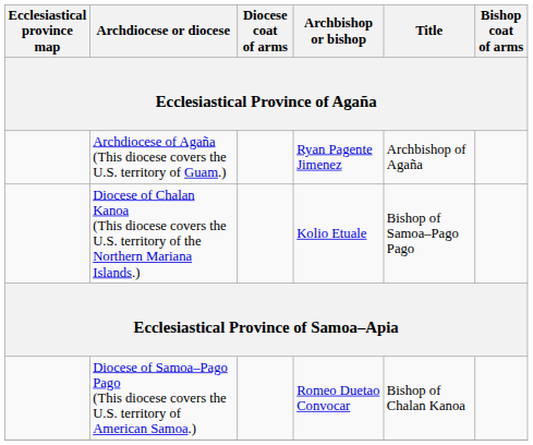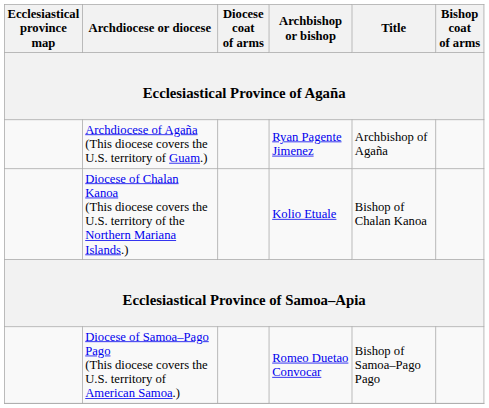 <table class="wikitable sortable">
 <tr>
 <th class="unsortable">Ecclesiastical<br> province map</th>
 <th>Archdiocese or diocese</th>
 <th class="unsortable">Diocese coat<br>of arms</th>
 <th>Archbishop or bishop</th>
 <th>Title</th>
 <th class="unsortable">Bishop coat<br>of arms</th>
 </tr>
 <tr>
 <th colspan="6"><br><h3>Ecclesiastical Province of Agaña</h3></th>
 </tr>
 <tr>
 <td></td>
 <td><a href='#'>Archdiocese of Agaña</a><br>(This diocese covers the U.S. territory of <a href='#'>Guam</a>.)</td>
 <td></td>
 <td><a href='#'>Ryan Pagente Jimenez</a></td>
 <td>Archbishop of Agaña</td>
 <td></td>
 </tr>
 <tr>
 <td></td>
 <td><a href='#'>Diocese of Chalan Kanoa</a><br>(This diocese covers the U.S. territory of the <a href='#'>Northern Mariana Islands</a>.)</td>
 <td></td>
 <td><a href='#'>Kolio Etuale</a></td>
-<td>Bishop of Samoa–Pago Pago</td>
+<td>Bishop of Chalan Kanoa</td>
 <td></td>
 </tr>
 <tr>
 <th colspan="6"><br><h3>Ecclesiastical Province of Samoa–Apia</h3></th>
 </tr>
 <tr>
 <td></td>
 <td><a href='#'>Diocese of Samoa–Pago Pago</a><br>(This diocese covers the U.S. territory of <a href='#'>American Samoa</a>.)</td>
 <td></td>
 <td><a href='#'>Romeo Duetao Convocar</a></td>
-<td>Bishop of Chalan Kanoa</td>
+<td>Bishop of Samoa–Pago Pago</td>
 <td></td>
 </tr>
 <tr>
 </tr>
 </table>
